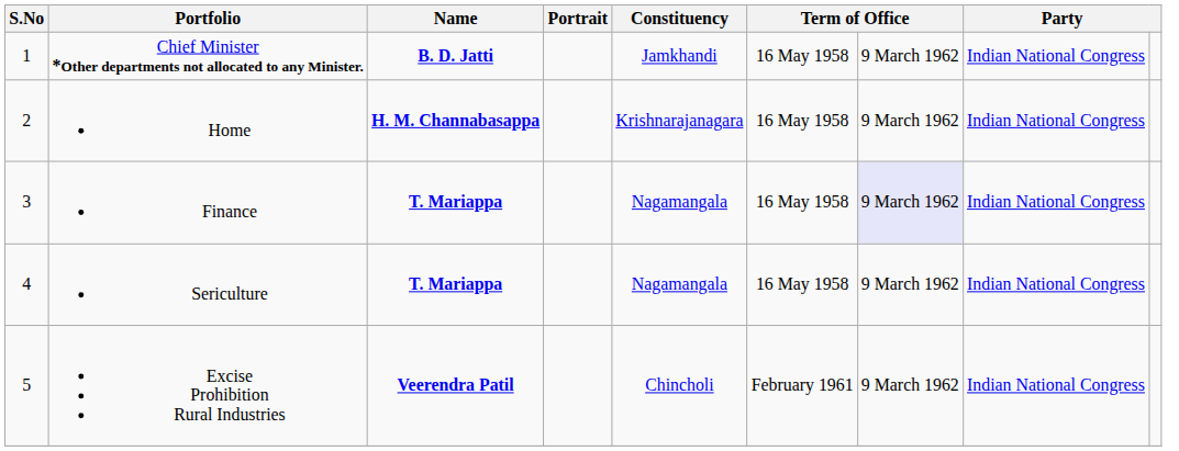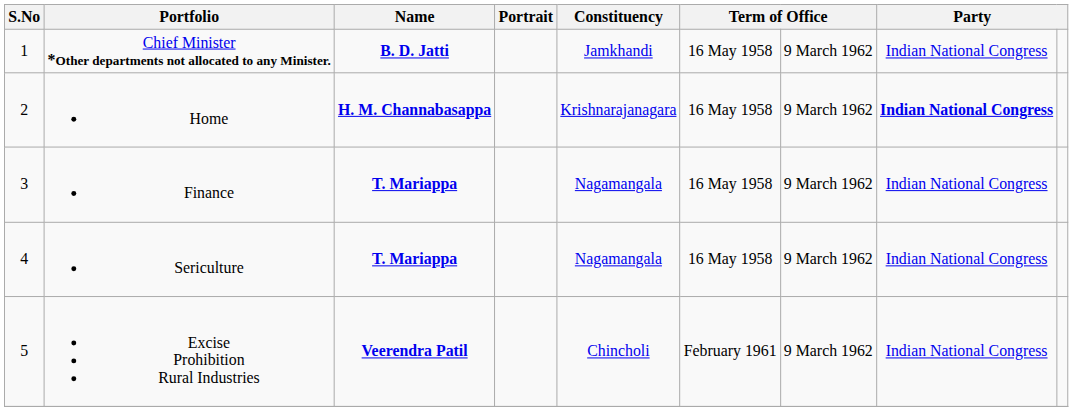 <table class="wikitable sortable" style="text-align:center;">
 <tr>
 <th>S.No</th>
 <th>Portfolio</th>
 <th>Name</th>
 <th>Portrait</th>
 <th>Constituency</th>
 <th colspan="2">Term of Office</th>
 <th colspan="2" scope="col">Party</th>
 </tr>
 <tr>
 <td>1</td>
 <td><a href='#'>Chief Minister</a><br><strong>*<small>Other departments not allocated to any Minister.</small></strong></td>
 <td><strong><a href='#'>B. D. Jatti</a></strong><br></td>
 <td></td>
 <td><a href='#'>Jamkhandi</a></td>
 <td>16 May 1958</td>
 <td>9 March 1962</td>
 <td><a href='#'>Indian National Congress</a></td>
 <td width="4px" style="background-color: "></td>
 </tr>
 <tr>
 <td>2</td>
 <td><br><ul><li>Home</li></ul></td>
 <td><strong><a href='#'>H. M. Channabasappa</a></strong></td>
 <td></td>
 <td><a href='#'>Krishnarajanagara</a></td>
 <td>16 May 1958</td>
 <td>9 March 1962</td>
-<td><a href='#'>Indian National Congress</a></td>
+<td><strong><a href='#'>Indian National Congress</a></strong></td>
 <td width="4px" style="background-color: "></td>
 </tr>
 <tr style="text-align:center">
 <td>3</td>
 <td><br><ul><li>Finance</li></ul></td>
 <td><strong><a href='#'>T. Mariappa</a></strong></td>
 <td></td>
 <td><a href='#'>Nagamangala</a></td>
 <td>16 May 1958</td>
-<td style="background: lavender;">9 March 1962</td>
+<td>9 March 1962</td>
 <td><a href='#'>Indian National Congress</a></td>
 <td width="4px" style="background-color: "></td>
 </tr>
 <tr style="text-align:center">
 <td>4</td>
 <td><br><ul><li>Sericulture</li></ul></td>
 <td><strong><a href='#'>T. Mariappa</a></strong></td>
 <td></td>
 <td><a href='#'>Nagamangala</a></td>
 <td>16 May 1958</td>
 <td>9 March 1962</td>
 <td><a href='#'>Indian National Congress</a></td>
 <td width="4px" style="background-color: "></td>
 </tr>
 <tr>
 <td>5</td>
 <td><br><ul><li>Excise</li><li>Prohibition</li><li>Rural Industries</li></ul></td>
 <td><strong><a href='#'>Veerendra Patil</a></strong></td>
 <td></td>
 <td><a href='#'>Chincholi</a></td>
 <td>February 1961</td>
 <td>9 March 1962</td>
 <td><a href='#'>Indian National Congress</a></td>
 <td></td>
 </tr>
 <tr style="text-align:center">
 </tr>
 </table>
